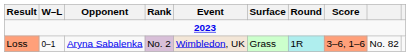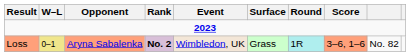 <table class="wikitable sortable">
 <tr>
 <th>Result</th>
 <th class=unsortable>W–L</th>
 <th>Opponent</th>
 <th>Rank</th>
 <th>Event</th>
 <th>Surface</th>
 <th>Round</th>
 <th class=unsortable>Score</th>
 <th></th>
 <th></th>
 </tr>
 <tr>
 <td colspan="10" style="text-align:center"><strong><a href='#'>2023</a></strong></td>
 </tr>
 <tr>
 <td bgcolor="ffa07a">Loss</td>
-<td><small>0–1</small></td>
-<td> <a href='#'>Aryna Sabalenka</a></td>
-<td bgcolor="thistle">No. 2</td>
+<td style="background: khaki;"><small>0–1</small></td>
+<td style="background: lightsalmon;"> <a href='#'>Aryna Sabalenka</a></td>
+<td bgcolor="thistle"><strong>No. 2</strong></td>
 <td bgcolor="f3e6d7"><a href='#'>Wimbledon</a>, UK</td>
 <td bgcolor="#cfc">Grass</td>
 <td bgcolor="afeeee">1R</td>
 <td style="background: lightsalmon;">3–6, 1–6</td>
 <td>No. 82</td>
 <td></td>
 </tr>
 </table>
